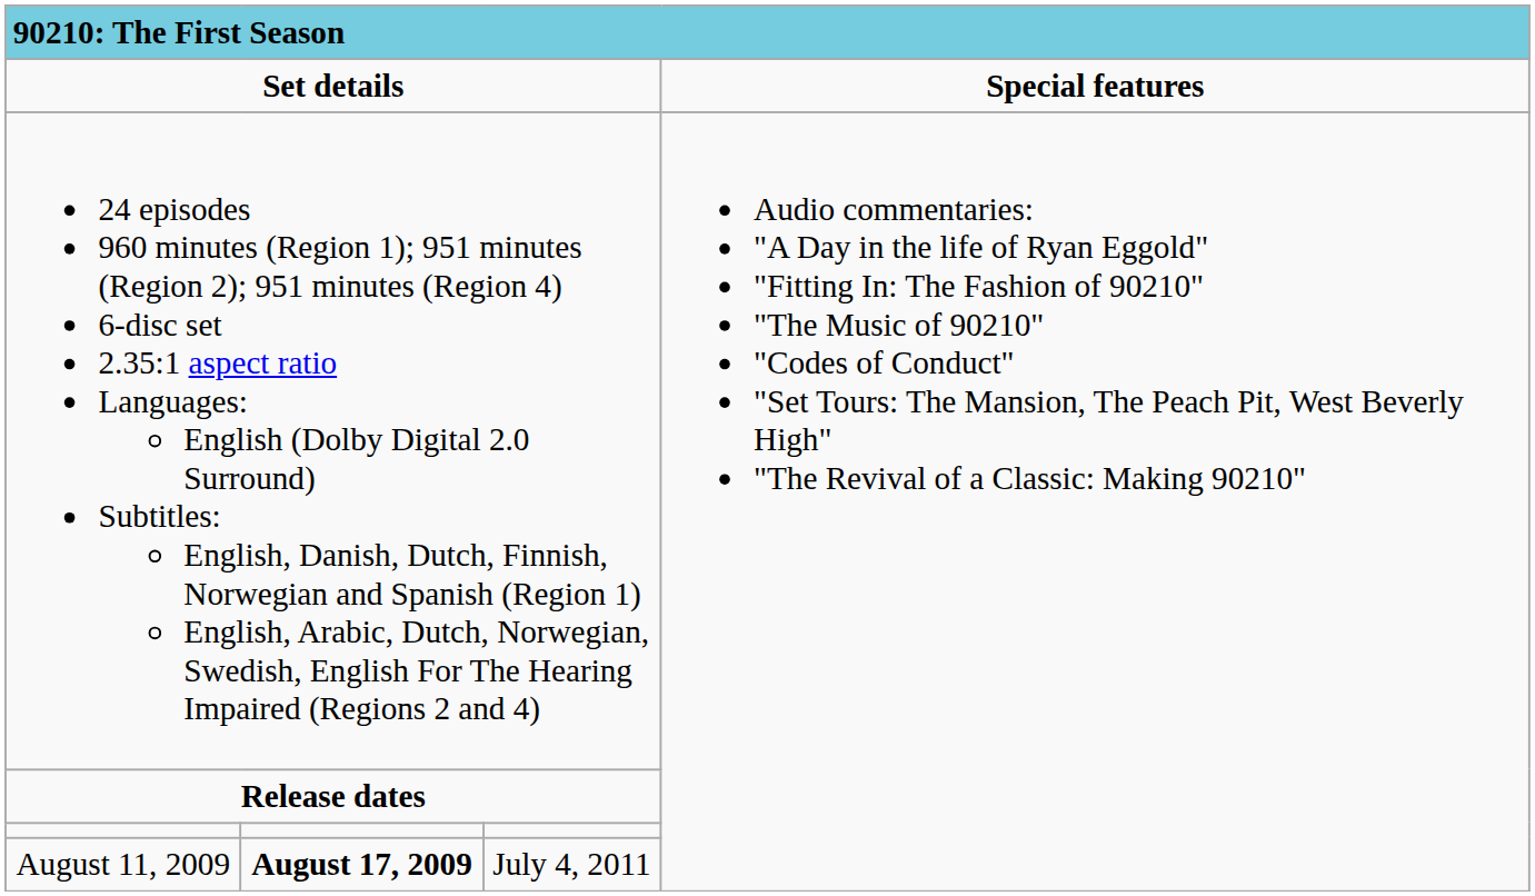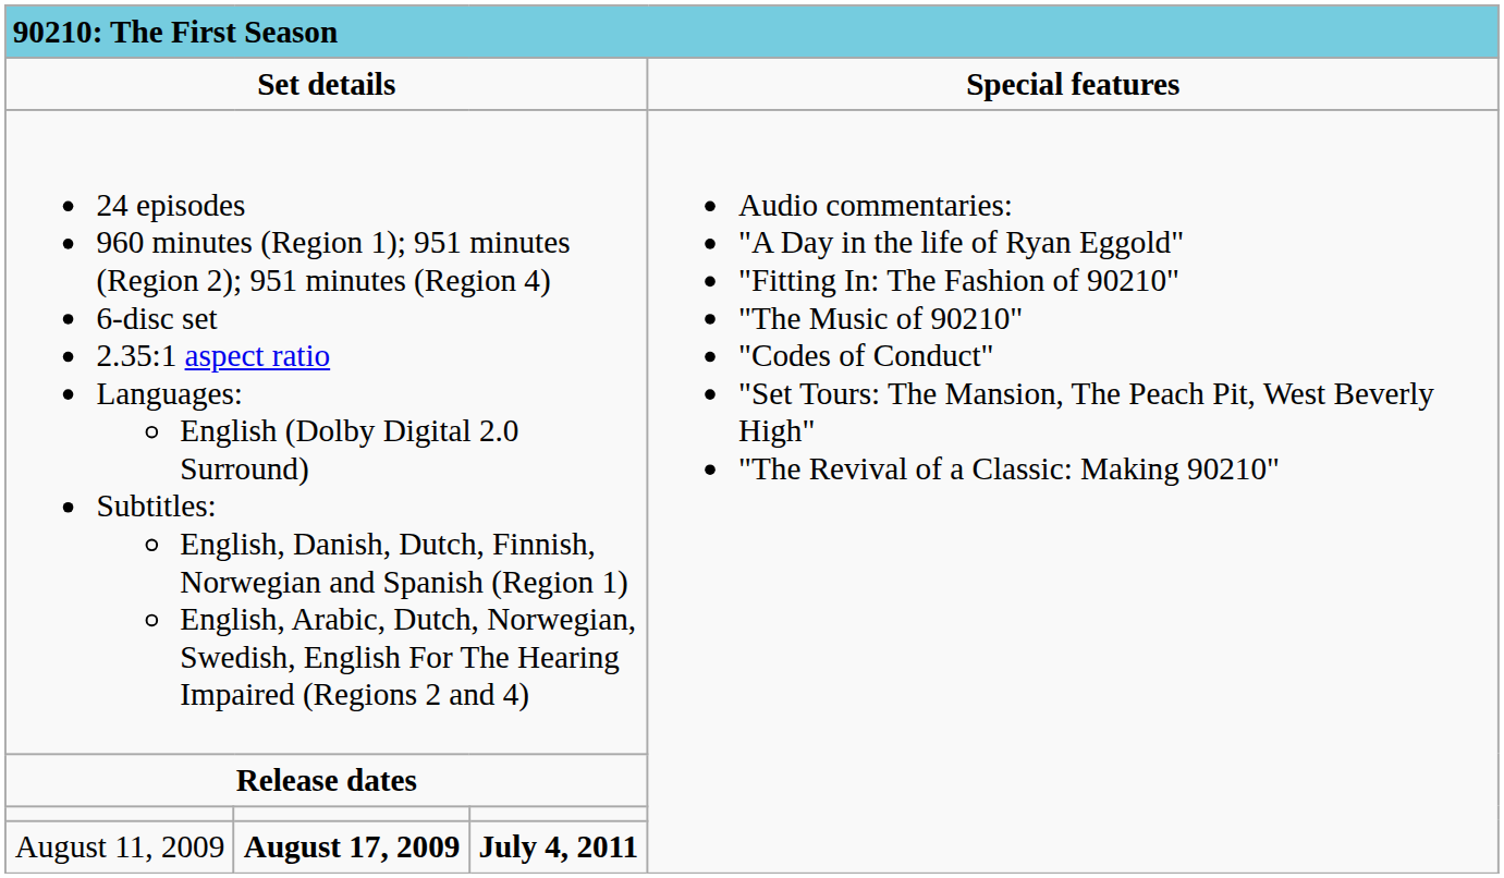 <table class="wikitable" style="font-size:95%;">
 <tr style="background:#75ccdf">
 <td colspan="6"><strong>90210: The First Season</strong></td>
 </tr>
 <tr>
 <td align="center" width="300" colspan="3"><strong>Set details</strong></td>
 <td width="400" align="center"><strong>Special features</strong></td>
 </tr>
 <tr valign="top">
 <td colspan="3" align="left" width="300"><br><ul><li>24 episodes</li><li>960 minutes (Region 1); 951 minutes (Region 2); 951 minutes (Region 4)</li><li>6-disc set</li><li>2.35:1 <a href='#'>aspect ratio</a></li><li>Languages:<ul><li>English (Dolby Digital 2.0 Surround)</li></ul></li><li>Subtitles:<ul><li>English, Danish, Dutch, Finnish, Norwegian and Spanish (Region 1)</li><li>English, Arabic, Dutch, Norwegian, Swedish, English For The Hearing Impaired (Regions 2 and 4)</li></ul></li></ul></td>
 <td rowspan="4" align="left" width="400"><br><ul><li>Audio commentaries:</li><li>"A Day in the life of Ryan Eggold"</li><li>"Fitting In: The Fashion of 90210"</li><li>"The Music of 90210"</li><li>"Codes of Conduct"</li><li>"Set Tours: The Mansion, The Peach Pit, West Beverly High"</li><li>"The Revival of a Classic: Making 90210"</li></ul></td>
 </tr>
 <tr>
 <td colspan="3" align="center"><strong>Release dates</strong></td>
 </tr>
 <tr>
 <td align="center"></td>
 <td align="center"></td>
 <td align="center"></td>
 </tr>
 <tr>
 <td align="center">August 11, 2009</td>
 <td align="center"><strong>August 17, 2009</strong></td>
-<td align="center">July 4, 2011</td>
+<td align="center"><strong>July 4, 2011</strong></td>
 </tr>
 </table>
